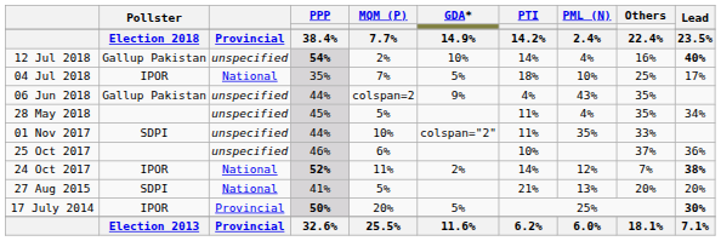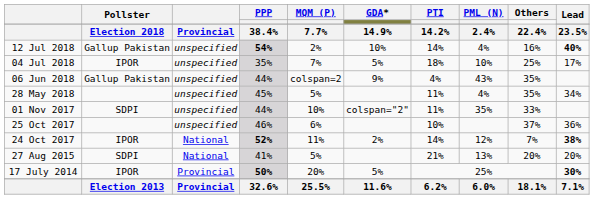 <table class="wikitable sortable" style="text-align:center">
 <tr>
 <th style="width:100px;" rowspan="2"></th>
 <th rowspan="2">Pollster</th>
 <th style="width:60px;" rowspan="2"></th>
 <th style="width:60px;" class="unsortable"><a href='#'>PPP</a></th>
 <th style="width:60px;" class="unsortable"><a href='#'>MQM (P)</a></th>
 <th style="width:60px;" class="unsortable"><a href='#'>GDA</a>*</th>
 <th style="width:60px;" class="unsortable"><a href='#'>PTI</a></th>
 <th style="width:60px;" class="unsortable"><a href='#'>PML (N)</a></th>
 <th style="width:60px;" class="unsortable">Others</th>
 <th class="unsortable" style="width:20px;" rowspan="2">Lead</th>
 </tr>
 <tr>
 <th class="unsortable" style="color:inherit;background:"></th>
 <th class="unsortable" style="color:inherit;background:"></th>
 <th class="unsortable" style="color:inherit;background:#808040; width:60px;"></th>
 <th class="unsortable" style="color:inherit;background:"></th>
 <th class="unsortable" style="color:inherit;background:"></th>
 </tr>
 <tr>
 </tr>
 <tr class=sortbottom style="background:#f2f2f2; font-weight:bold">
 <th></th>
 <th><a href='#'>Election 2018</a></th>
 <th><a href='#'>Provincial</a></th>
 <th style="background:"><strong>38.4%</strong></th>
 <th>7.7%</th>
 <th>14.9%</th>
 <th>14.2%</th>
 <th>2.4%</th>
 <th>22.4%</th>
 <th style="background:"><strong>23.5%</strong></th>
 </tr>
 <tr>
 <td>12 Jul 2018</td>
 <td>Gallup Pakistan</td>
 <td><em>unspecified</em></td>
 <td style="background:#D7D5D7"><strong>54%</strong></td>
 <td>2%</td>
 <td>10%</td>
 <td>14%</td>
 <td>4%</td>
 <td>16%</td>
 <td style="background:"><strong>40%</strong></td>
 </tr>
 <tr>
 <td>04 Jul 2018</td>
 <td>IPOR</td>
-<td><a href='#'>National</a></td>
+<td><em>unspecified</em></td>
 <td style="background:#D7D5D7">35%</td>
 <td>7%</td>
 <td>5%</td>
 <td>18%</td>
 <td>10%</td>
 <td>25%</td>
 <td style="background:">17%</td>
 </tr>
 <tr>
 <td>06 Jun 2018</td>
 <td>Gallup Pakistan</td>
 <td><em>unspecified</em></td>
 <td style="background:#D7D5D7">44%</td>
 <td>colspan=2 </td>
 <td>9%</td>
 <td>4%</td>
 <td>43%</td>
 <td style="background:">35%</td>
 </tr>
 <tr>
 <td>28 May 2018</td>
 <td></td>
 <td><em>unspecified</em></td>
 <td style="background:#D7D5D7">45%</td>
 <td>5%</td>
 <td></td>
 <td>11%</td>
 <td>4%</td>
 <td>35%</td>
 <td style="background:">34%</td>
 </tr>
 <tr>
 <td>01 Nov 2017</td>
 <td>SDPI</td>
 <td><em>unspecified</em></td>
 <td style="background:#D7D5D7">44%</td>
 <td>10%</td>
 <td>colspan="2" </td>
 <td>11%</td>
 <td>35%</td>
 <td style="background:">33%</td>
 </tr>
 <tr>
 <td>25 Oct 2017</td>
 <td></td>
 <td><em>unspecified</em></td>
 <td style="background:#D7D5D7">46%</td>
 <td>6%</td>
 <td></td>
 <td>10%</td>
 <td></td>
 <td>37%</td>
 <td style="background:">36%</td>
 </tr>
 <tr>
 <td>24 Oct 2017</td>
 <td>IPOR</td>
 <td><a href='#'>National</a></td>
 <td style="background:#D7D5D7"><strong>52%</strong></td>
 <td>11%</td>
 <td>2%</td>
 <td>14%</td>
 <td>12%</td>
 <td>7%</td>
 <td style="background:"><strong>38%</strong></td>
 </tr>
 <tr>
 <td>27 Aug 2015</td>
 <td>SDPI</td>
 <td><a href='#'>National</a></td>
 <td style="background:#D7D5D7">41%</td>
 <td>5%</td>
 <td></td>
 <td>21%</td>
 <td>13%</td>
 <td>20%</td>
 <td style="background:">20%</td>
 </tr>
 <tr>
 <td>17 July 2014</td>
 <td>IPOR</td>
 <td><a href='#'>Provincial</a></td>
 <td style="background:#D7D5D7"><strong>50%</strong></td>
 <td>20%</td>
 <td>5%</td>
 <td colspan="3">25%</td>
 <td style="background:"><strong>30%</strong></td>
 </tr>
 <tr>
 </tr>
 <tr class=sortbottom style="background:#f2f2f2; font-weight:bold">
 <th></th>
 <th><a href='#'>Election 2013</a></th>
 <th><a href='#'>Provincial</a></th>
 <th style="background:"><strong>32.6%</strong></th>
 <th>25.5%</th>
 <th>11.6%</th>
 <th>6.2%</th>
 <th>6.0%</th>
 <th>18.1%</th>
 <th style="background:"><strong>7.1%</strong></th>
 </tr>
 </table>
